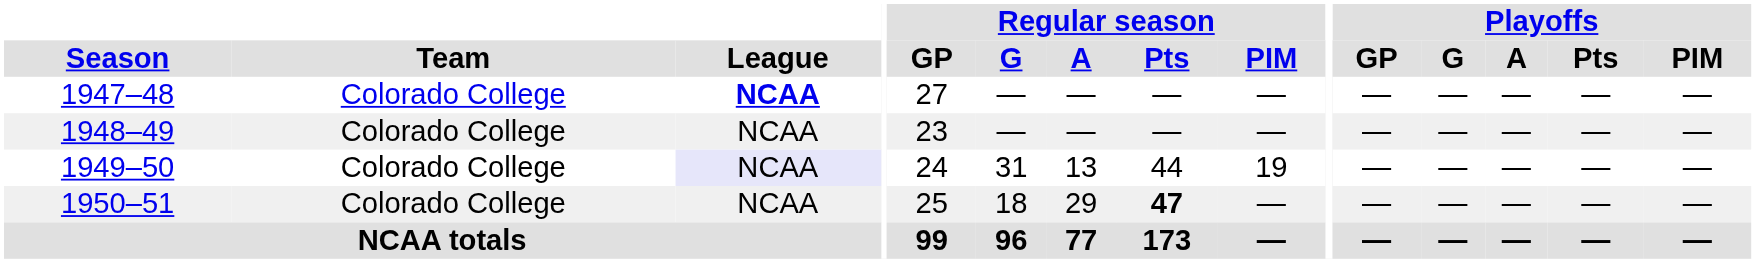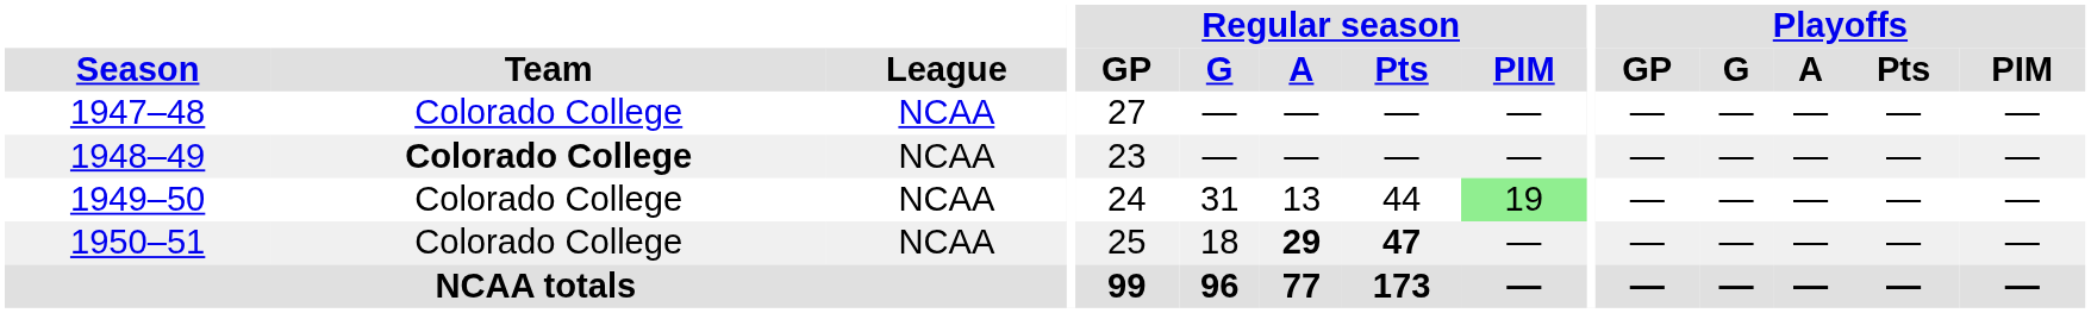 <table border="0" cellpadding="1" cellspacing="0" style="text-align:center; width:60em">
 <tr bgcolor="#e0e0e0">
 <th colspan="3" bgcolor="#ffffff"></th>
 <th rowspan="99" bgcolor="#ffffff"></th>
 <th colspan="5"><a href='#'>Regular season</a></th>
 <th rowspan="99" bgcolor="#ffffff"></th>
 <th colspan="5"><a href='#'>Playoffs</a></th>
 </tr>
 <tr bgcolor="#e0e0e0">
 <th><a href='#'>Season</a></th>
 <th>Team</th>
 <th>League</th>
 <th>GP</th>
 <th><a href='#'>G</a></th>
 <th><a href='#'>A</a></th>
 <th><a href='#'>Pts</a></th>
 <th><a href='#'>PIM</a></th>
 <th>GP</th>
 <th>G</th>
 <th>A</th>
 <th>Pts</th>
 <th>PIM</th>
 </tr>
 <tr>
 <td><a href='#'>1947–48</a></td>
 <td><a href='#'>Colorado College</a></td>
-<td><strong><a href='#'>NCAA</a></strong></td>
+<td><a href='#'>NCAA</a></td>
 <td>27</td>
 <td>—</td>
 <td>—</td>
 <td>—</td>
 <td>—</td>
 <td>—</td>
 <td>—</td>
 <td>—</td>
 <td>—</td>
 <td>—</td>
 </tr>
 <tr bgcolor="#f0f0f0">
 <td><a href='#'>1948–49</a></td>
-<td>Colorado College</td>
+<td><strong>Colorado College</strong></td>
 <td>NCAA</td>
 <td>23</td>
 <td>—</td>
 <td>—</td>
 <td>—</td>
 <td>—</td>
 <td>—</td>
 <td>—</td>
 <td>—</td>
 <td>—</td>
 <td>—</td>
 </tr>
 <tr>
 <td><a href='#'>1949–50</a></td>
 <td>Colorado College</td>
-<td style="background: lavender;">NCAA</td>
+<td>NCAA</td>
 <td>24</td>
 <td>31</td>
 <td>13</td>
 <td>44</td>
-<td>19</td>
+<td style="background: lightgreen;">19</td>
 <td>—</td>
 <td>—</td>
 <td>—</td>
 <td>—</td>
 <td>—</td>
 </tr>
 <tr bgcolor="#f0f0f0">
 <td><a href='#'>1950–51</a></td>
 <td>Colorado College</td>
 <td>NCAA</td>
 <td>25</td>
 <td>18</td>
-<td>29</td>
+<td><strong>29</strong></td>
 <td><strong>47</strong></td>
 <td>—</td>
 <td>—</td>
 <td>—</td>
 <td>—</td>
 <td>—</td>
 <td>—</td>
 </tr>
 <tr bgcolor="#e0e0e0">
 <th colspan="3">NCAA totals</th>
 <th>99</th>
 <th>96</th>
 <th>77</th>
 <th>173</th>
 <th>—</th>
 <th>—</th>
 <th>—</th>
 <th>—</th>
 <th>—</th>
 <th>—</th>
 </tr>
 </table>
